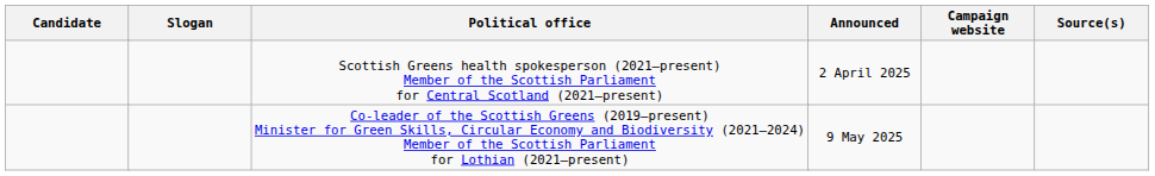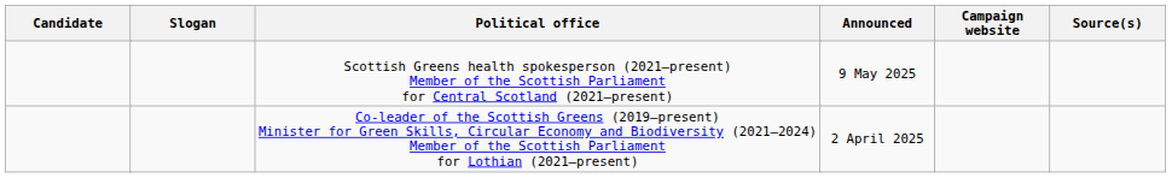 <table class="wikitable sortable" style="text-align:center">
 <tr>
 <th scope = "col" colspan = "2" style = "width: 120px;">Candidate</th>
 <th scope = "col" style = "width: 120px;">Slogan</th>
 <th scope = "col" colspan = "2" style = "width: 300px;">Political office</th>
 <th scope = "col" style = "width: 110px;">Announced</th>
 <th scope = "col" style = "width: 110px;">Campaign website</th>
 <th scope = "col" style = "width: 110px;">Source(s)</th>
 </tr>
 <tr>
 <td colspan = "2"><br></td>
 <td></td>
 <td colspan = "2"><br>Scottish Greens health spokesperson (2021–present)<br><a href='#'>Member of the Scottish Parliament</a><br>for <a href='#'>Central Scotland</a> (2021–present)</td>
-<td>2 April 2025</td>
+<td>9 May 2025</td>
 <td></td>
 <td></td>
 </tr>
 <tr>
 <td colspan = "2"><br></td>
 <td></td>
 <td colspan = "2"><a href='#'>Co-leader of the Scottish Greens</a> (2019–present)<br><a href='#'>Minister for Green Skills, Circular Economy and Biodiversity</a> (2021–2024)<br><a href='#'>Member of the Scottish Parliament</a><br>for <a href='#'>Lothian</a> (2021–present)</td>
-<td>9 May 2025</td>
+<td>2 April 2025</td>
 <td></td>
 <td></td>
 </tr>
 </table>
